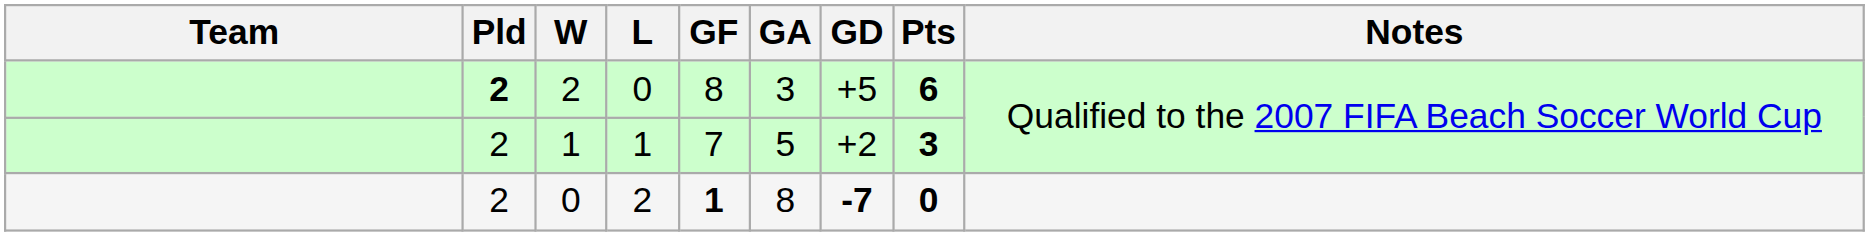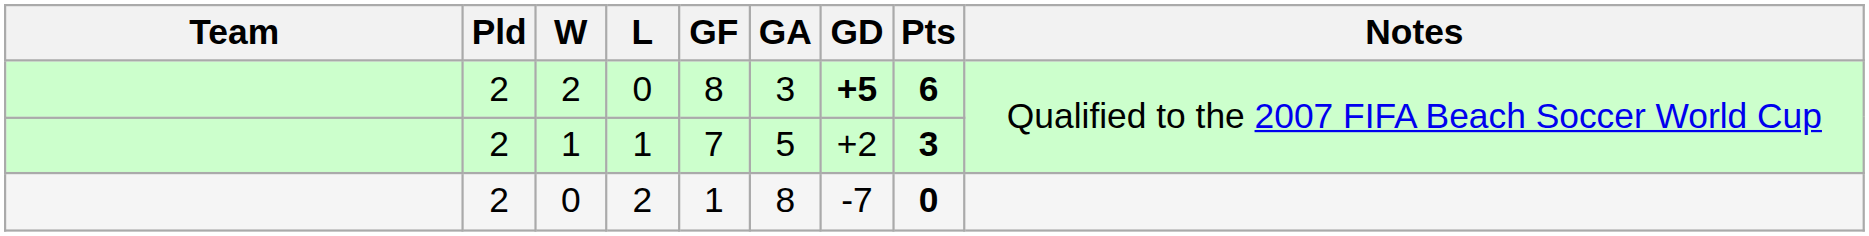 <table class="wikitable" style="text-align:center;">
 <tr>
 <th width=200>Team</th>
 <th width=25>Pld</th>
 <th width=25>W</th>
 <th width=25>L</th>
 <th width=25>GF</th>
 <th width=25>GA</th>
 <th width=25>GD</th>
 <th width=25>Pts</th>
 <th width=400>Notes</th>
 </tr>
 <tr align=center style="background:#ccffcc;">
 <td style="text-align:left;"></td>
-<td><strong>2</strong></td>
+<td>2</td>
 <td>2</td>
 <td>0</td>
 <td>8</td>
 <td>3</td>
-<td>+5</td>
+<td><strong>+5</strong></td>
 <td><strong>6</strong></td>
 <td rowspan=2>Qualified to the <a href='#'>2007 FIFA Beach Soccer World Cup</a></td>
 </tr>
 <tr align=center style="background:#ccffcc;">
 <td style="text-align:left;"></td>
 <td>2</td>
 <td>1</td>
 <td>1</td>
 <td>7</td>
 <td>5</td>
 <td>+2</td>
 <td><strong>3</strong></td>
 </tr>
 <tr align=center style="background:#f5f5f5;">
 <td style="text-align:left;"></td>
 <td>2</td>
 <td>0</td>
 <td>2</td>
-<td><strong>1</strong></td>
+<td>1</td>
 <td>8</td>
-<td><strong>-7</strong></td>
+<td>-7</td>
 <td><strong>0</strong></td>
 <td></td>
 </tr>
 </table>
